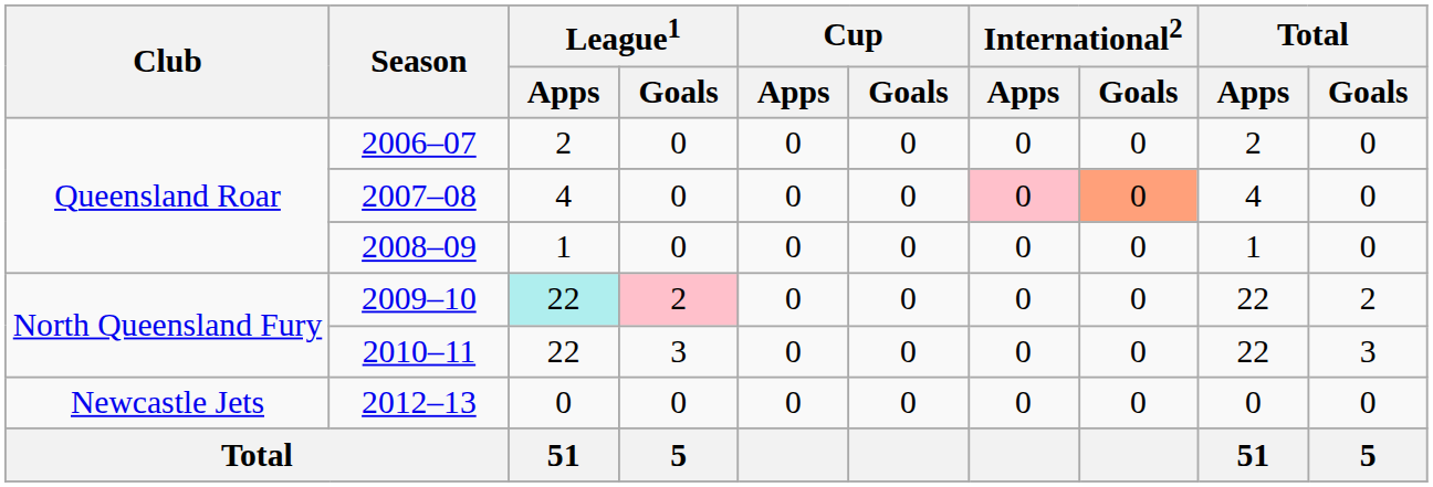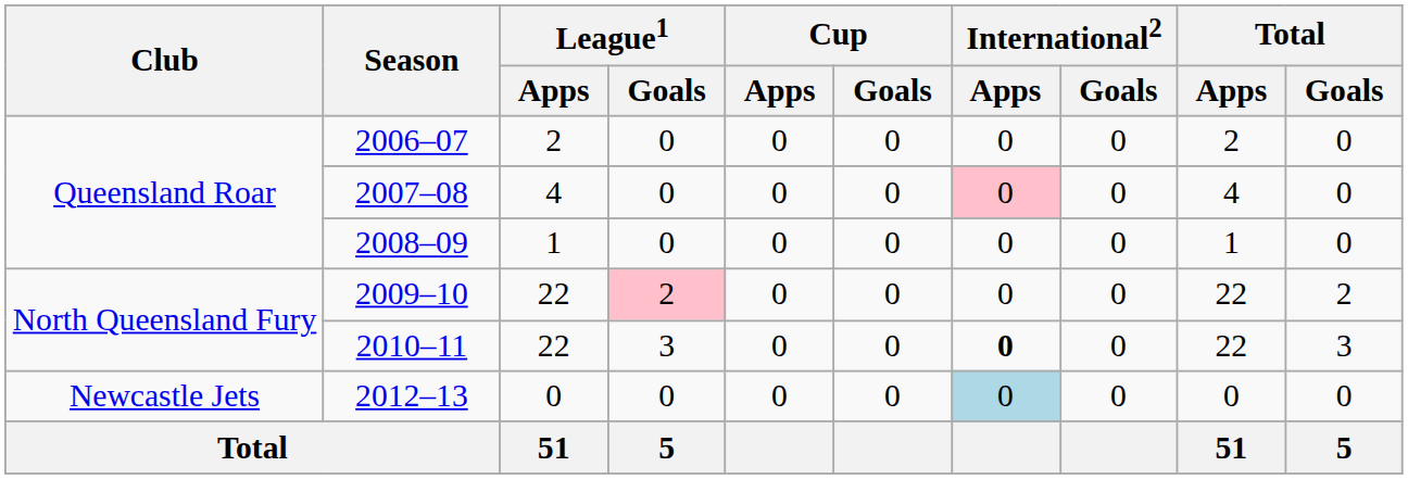 <table class="wikitable" style="text-align: center;">
 <tr>
 <th rowspan="2">Club</th>
 <th rowspan="2" width="80">Season</th>
 <th colspan="2" width="105">League<sup>1</sup></th>
 <th colspan="2" width="105">Cup</th>
 <th colspan="2" width="105">International<sup>2</sup></th>
 <th colspan="2" width="105">Total</th>
 </tr>
 <tr>
 <th>Apps</th>
 <th>Goals</th>
 <th>Apps</th>
 <th>Goals</th>
 <th>Apps</th>
 <th>Goals</th>
 <th>Apps</th>
 <th>Goals</th>
 </tr>
 <tr>
 <td rowspan="3" valign="center"><a href='#'>Queensland Roar</a></td>
 <td><a href='#'>2006–07</a></td>
 <td>2</td>
 <td>0</td>
 <td>0</td>
 <td>0</td>
 <td>0</td>
 <td>0</td>
 <td>2</td>
 <td>0</td>
 </tr>
 <tr>
 <td><a href='#'>2007–08</a></td>
 <td>4</td>
 <td>0</td>
 <td>0</td>
 <td>0</td>
 <td style="background: pink;">0</td>
-<td style="background: lightsalmon;">0</td>
+<td>0</td>
 <td>4</td>
 <td>0</td>
 </tr>
 <tr>
 <td><a href='#'>2008–09</a></td>
 <td>1</td>
 <td>0</td>
 <td>0</td>
 <td>0</td>
 <td>0</td>
 <td>0</td>
 <td>1</td>
 <td>0</td>
 </tr>
 <tr>
 <td rowspan="2" valign="center"><a href='#'>North Queensland Fury</a></td>
 <td><a href='#'>2009–10</a></td>
-<td style="background: paleturquoise;">22</td>
+<td>22</td>
 <td style="background: pink;">2</td>
 <td>0</td>
 <td>0</td>
 <td>0</td>
 <td>0</td>
 <td>22</td>
 <td>2</td>
 </tr>
 <tr>
 <td><a href='#'>2010–11</a></td>
 <td>22</td>
 <td>3</td>
 <td>0</td>
 <td>0</td>
-<td>0</td>
+<td><strong>0</strong></td>
 <td>0</td>
 <td>22</td>
 <td>3</td>
 </tr>
 <tr>
 <td rowspan="1" valign="center"><a href='#'>Newcastle Jets</a></td>
 <td><a href='#'>2012–13</a></td>
 <td>0</td>
 <td>0</td>
 <td>0</td>
 <td>0</td>
-<td>0</td>
+<td style="background: lightblue;">0</td>
 <td>0</td>
 <td>0</td>
 <td>0</td>
 </tr>
 <tr>
 <th colspan="2">Total</th>
 <th>51</th>
 <th>5</th>
 <th></th>
 <th></th>
 <th></th>
 <th></th>
 <th>51</th>
 <th>5</th>
 </tr>
 </table>
